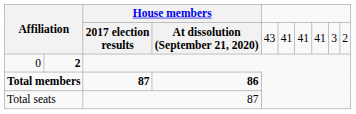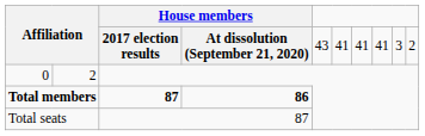 <table class="wikitable" style="text-align:right;">
 <tr>
 <th colspan=2 rowspan=2>Affiliation</th>
 <th colspan=2><a href='#'>House members</a></th>
 </tr>
 <tr>
 <th>2017 election<br>results</th>
 <th>At dissolution <br> (September 21, 2020)<br></th>
 <td>43</td>
 <td>41<br></td>
 <td>41</td>
 <td>41<br></td>
 <td>3</td>
 <td>2</td>
 </tr>
 <tr>
 <td>0</td>
-<td><strong>2</strong></td>
+<td>2</td>
 </tr>
 <tr>
 <td style="text-align:left;" colspan=2><strong>Total members</strong></td>
 <td colspan=1><strong>87</strong></td>
 <td colspan=1><strong>86</strong></td>
 </tr>
 <tr>
 <td style="text-align:left;" colspan=2>Total seats</td>
 <td colspan=2>87</td>
 </tr>
 </table>
